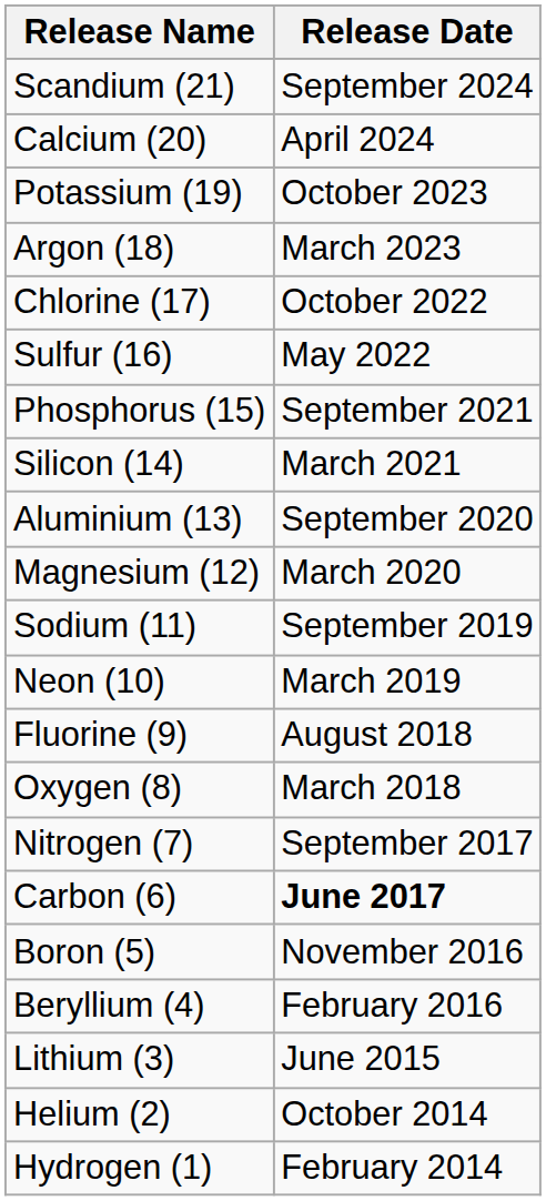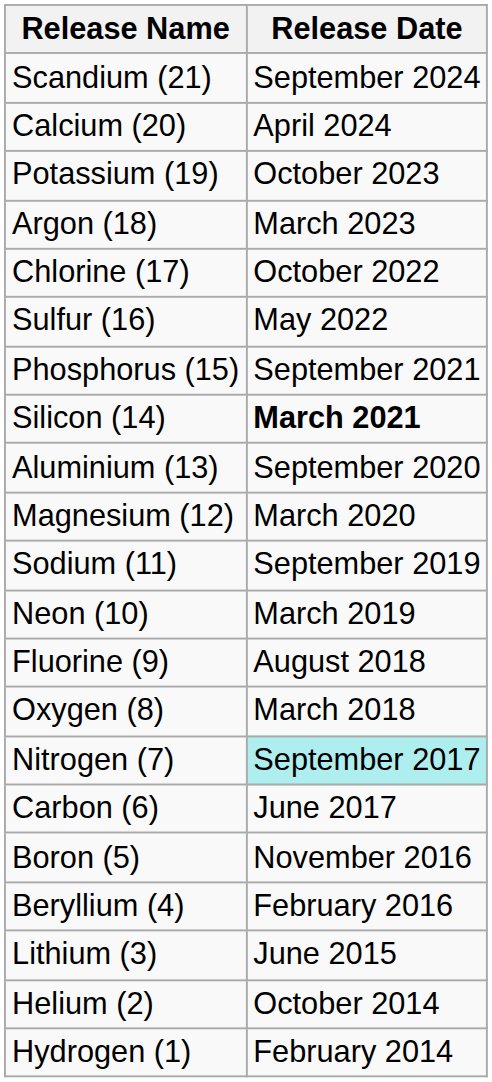 <table class="wikitable sortable">
 <tr>
 <th>Release Name</th>
 <th>Release Date</th>
 </tr>
 <tr>
 <td>Scandium (21)</td>
 <td>September 2024</td>
 </tr>
 <tr>
 <td>Calcium (20)</td>
 <td>April 2024</td>
 </tr>
 <tr>
 <td>Potassium (19)</td>
 <td>October 2023</td>
 </tr>
 <tr>
 <td>Argon (18)</td>
 <td>March 2023</td>
 </tr>
 <tr>
 <td>Chlorine (17)</td>
 <td>October 2022</td>
 </tr>
 <tr>
 <td>Sulfur (16)</td>
 <td>May 2022</td>
 </tr>
 <tr>
 <td>Phosphorus (15)</td>
 <td>September 2021</td>
 </tr>
 <tr>
 <td>Silicon (14)</td>
-<td>March 2021</td>
+<td><strong>March 2021</strong></td>
 </tr>
 <tr>
 <td>Aluminium (13)</td>
 <td>September 2020</td>
 </tr>
 <tr>
 <td>Magnesium (12)</td>
 <td>March 2020</td>
 </tr>
 <tr>
 <td>Sodium (11)</td>
 <td>September 2019</td>
 </tr>
 <tr>
 <td>Neon (10)</td>
 <td>March 2019</td>
 </tr>
 <tr>
 <td>Fluorine (9)</td>
 <td>August 2018</td>
 </tr>
 <tr>
 <td>Oxygen (8)</td>
 <td>March 2018</td>
 </tr>
 <tr>
 <td>Nitrogen (7)</td>
-<td>September 2017</td>
+<td style="background: paleturquoise;">September 2017</td>
 </tr>
 <tr>
 <td>Carbon (6)</td>
-<td><strong>June 2017</strong></td>
+<td>June 2017</td>
 </tr>
 <tr>
 <td>Boron (5)</td>
 <td>November 2016</td>
 </tr>
 <tr>
 <td>Beryllium (4)</td>
 <td>February 2016</td>
 </tr>
 <tr>
 <td>Lithium (3)</td>
 <td>June 2015</td>
 </tr>
 <tr>
 <td>Helium (2)</td>
 <td>October 2014</td>
 </tr>
 <tr>
 <td>Hydrogen (1)</td>
 <td>February 2014</td>
 </tr>
 </table>
